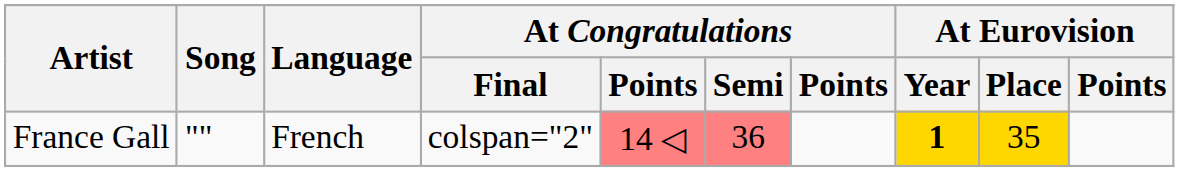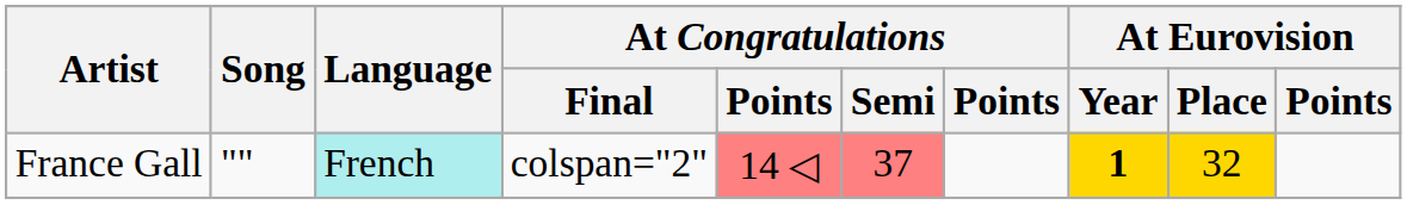 <table class="wikitable">
 <tr>
 </tr>
 <tr>
 <th rowspan="2" scope="col">Artist</th>
 <th rowspan="2" scope="col">Song</th>
 <th scope="col" rowspan="2">Language</th>
 <th scope="colgroup" colspan="4">At <em>Congratulations</em></th>
 <th scope="colgroup" colspan="3">At Eurovision</th>
 </tr>
 <tr>
 <th scope="col">Final</th>
 <th scope="col">Points</th>
 <th scope="col">Semi</th>
 <th scope="col">Points</th>
 <th scope="col">Year</th>
 <th scope="col">Place</th>
 <th scope="col">Points</th>
 </tr>
 <tr>
 <td>France Gall</td>
 <td>""</td>
-<td>French</td>
+<td style="background: paleturquoise;">French</td>
 <td>colspan="2" </td>
 <td style="text-align:center; background-color:#FE8080;">14 ◁</td>
-<td style="text-align:center; background-color:#FE8080;">36</td>
+<td style="text-align:center; background-color:#FE8080;">37</td>
 <td style="text-align:center;"></td>
 <td style="text-align:center; background-color:#FFD700;"><strong>1</strong></td>
-<td style="text-align:center; background-color:#FFD700;">35</td>
+<td style="text-align:center; background-color:#FFD700;">32</td>
 </tr>
 </table>
